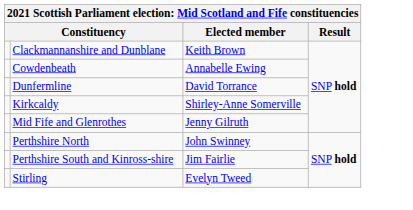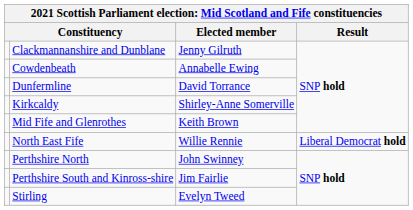 <table class="wikitable">
 <tr>
 <th colspan="4">2021 Scottish Parliament election: <a href='#'>Mid Scotland and Fife</a> constituencies</th>
 </tr>
 <tr>
 <th colspan="2">Constituency</th>
 <th>Elected member</th>
 <th>Result</th>
 </tr>
 <tr>
 <td style="color:inherit;background-color: "></td>
 <td><a href='#'>Clackmannanshire and Dunblane</a></td>
-<td><a href='#'>Keith Brown</a></td>
+<td><a href='#'>Jenny Gilruth</a></td>
 <td rowspan="5"><a href='#'>SNP</a> <strong>hold</strong></td>
 </tr>
 <tr>
 <td style="color:inherit;background-color: "></td>
 <td><a href='#'>Cowdenbeath</a></td>
 <td><a href='#'>Annabelle Ewing</a></td>
 </tr>
 <tr>
 <td style="color:inherit;background-color: "></td>
 <td><a href='#'>Dunfermline</a></td>
 <td><a href='#'>David Torrance</a></td>
 </tr>
 <tr>
 <td style="color:inherit;background-color: "></td>
 <td><a href='#'>Kirkcaldy</a></td>
 <td><a href='#'>Shirley-Anne Somerville</a></td>
 </tr>
 <tr>
 <td style="color:inherit;background-color: "></td>
 <td><a href='#'>Mid Fife and Glenrothes</a></td>
-<td><a href='#'>Jenny Gilruth</a></td>
+<td><a href='#'>Keith Brown</a></td>
+</tr>
+<tr>
+<td style="color:inherit;background-color: "></td>
+<td><a href='#'>North East Fife</a></td>
+<td><a href='#'>Willie Rennie</a></td>
+<td><a href='#'>Liberal Democrat</a> <strong>hold</strong></td>
 </tr>
 <tr>
 <td style="color:inherit;background-color: "></td>
 <td><a href='#'>Perthshire North</a></td>
 <td><a href='#'>John Swinney</a></td>
 <td rowspan="3"><a href='#'>SNP</a> <strong>hold</strong></td>
 </tr>
 <tr>
 <td style="color:inherit;background-color: "></td>
 <td><a href='#'>Perthshire South and Kinross-shire</a></td>
 <td><a href='#'>Jim Fairlie</a></td>
 </tr>
 <tr>
 <td style="color:inherit;background-color: "></td>
 <td><a href='#'>Stirling</a></td>
 <td><a href='#'>Evelyn Tweed</a></td>
 </tr>
 </table>
